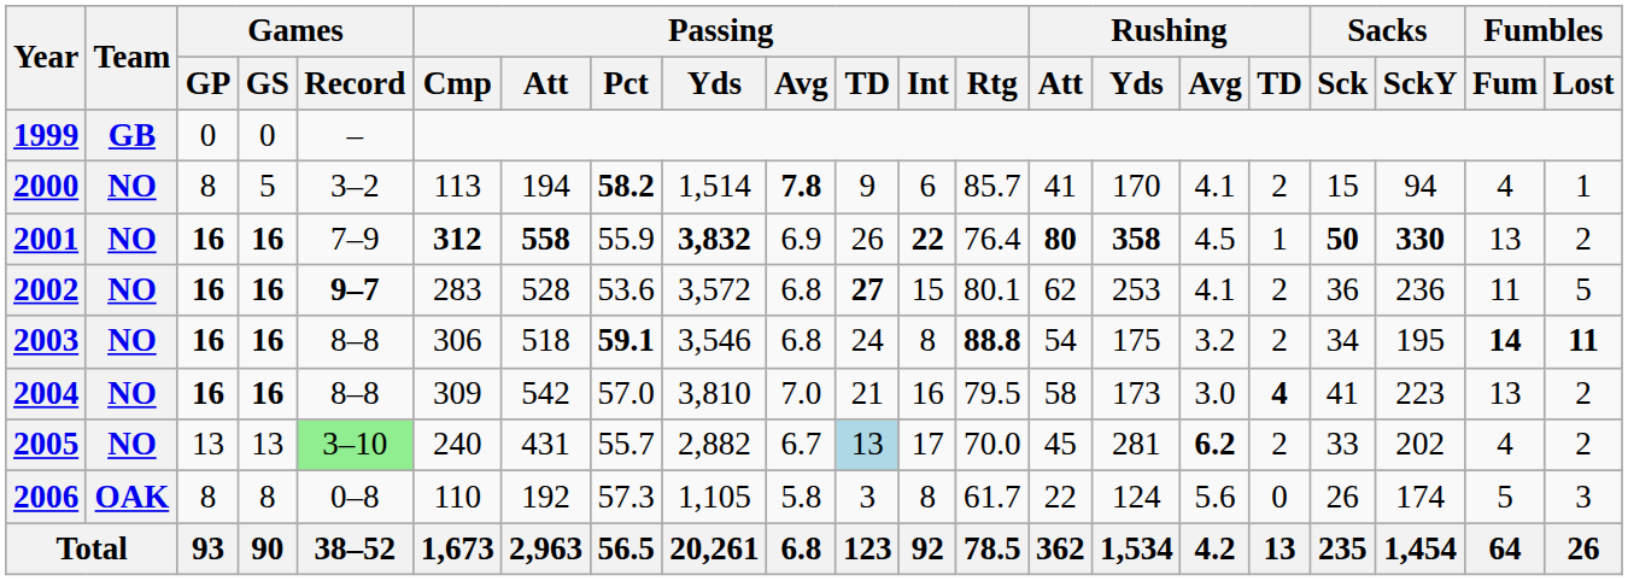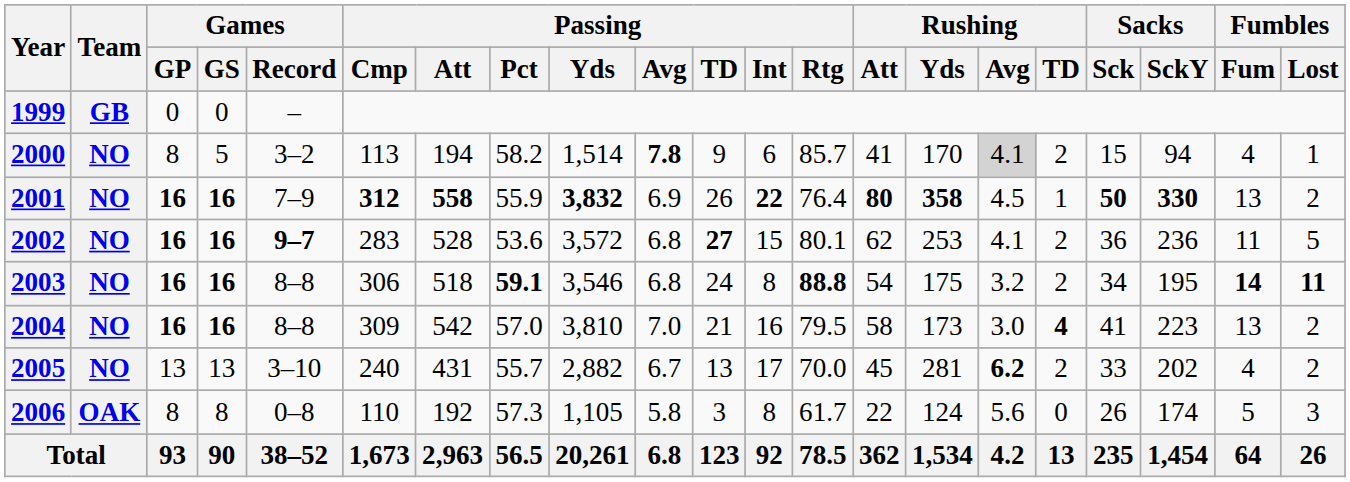 <table class=wikitable style="text-align:center;">
 <tr>
 <th rowspan="2">Year</th>
 <th rowspan="2">Team</th>
 <th colspan="3">Games</th>
 <th colspan="8">Passing</th>
 <th colspan="4">Rushing</th>
 <th colspan="2">Sacks</th>
 <th colspan="2">Fumbles</th>
 </tr>
 <tr>
 <th>GP</th>
 <th>GS</th>
 <th>Record</th>
 <th>Cmp</th>
 <th>Att</th>
 <th>Pct</th>
 <th>Yds</th>
 <th>Avg</th>
 <th>TD</th>
 <th>Int</th>
 <th>Rtg</th>
 <th>Att</th>
 <th>Yds</th>
 <th>Avg</th>
 <th>TD</th>
 <th>Sck</th>
 <th>SckY</th>
 <th>Fum</th>
 <th>Lost</th>
 </tr>
 <tr>
 <th><a href='#'>1999</a></th>
 <th><a href='#'>GB</a></th>
 <td>0</td>
 <td>0</td>
 <td>–</td>
 <td colspan="18"></td>
 </tr>
 <tr>
 <th><a href='#'>2000</a></th>
 <th><a href='#'>NO</a></th>
 <td>8</td>
 <td>5</td>
 <td>3–2</td>
 <td>113</td>
 <td>194</td>
-<td><strong>58.2</strong></td>
+<td>58.2</td>
 <td>1,514</td>
 <td><strong>7.8</strong></td>
 <td>9</td>
 <td>6</td>
 <td>85.7</td>
 <td>41</td>
 <td>170</td>
-<td>4.1</td>
+<td style="background: lightgrey;">4.1</td>
 <td>2</td>
 <td>15</td>
 <td>94</td>
 <td>4</td>
 <td>1</td>
 </tr>
 <tr>
 <th><a href='#'>2001</a></th>
 <th><a href='#'>NO</a></th>
 <td><strong>16</strong></td>
 <td><strong>16</strong></td>
 <td>7–9</td>
 <td><strong>312</strong></td>
 <td><strong>558</strong></td>
 <td>55.9</td>
 <td><strong>3,832</strong></td>
 <td>6.9</td>
 <td>26</td>
 <td><strong>22</strong></td>
 <td>76.4</td>
 <td><strong>80</strong></td>
 <td><strong>358</strong></td>
 <td>4.5</td>
 <td>1</td>
 <td><strong>50</strong></td>
 <td><strong>330</strong></td>
 <td>13</td>
 <td>2</td>
 </tr>
 <tr>
 <th><a href='#'>2002</a></th>
 <th><a href='#'>NO</a></th>
 <td><strong>16</strong></td>
 <td><strong>16</strong></td>
 <td><strong>9–7</strong></td>
 <td>283</td>
 <td>528</td>
 <td>53.6</td>
 <td>3,572</td>
 <td>6.8</td>
 <td><strong>27</strong></td>
 <td>15</td>
 <td>80.1</td>
 <td>62</td>
 <td>253</td>
 <td>4.1</td>
 <td>2</td>
 <td>36</td>
 <td>236</td>
 <td>11</td>
 <td>5</td>
 </tr>
 <tr>
 <th><a href='#'>2003</a></th>
 <th><a href='#'>NO</a></th>
 <td><strong>16</strong></td>
 <td><strong>16</strong></td>
 <td>8–8</td>
 <td>306</td>
 <td>518</td>
 <td><strong>59.1</strong></td>
 <td>3,546</td>
 <td>6.8</td>
 <td>24</td>
 <td>8</td>
 <td><strong>88.8</strong></td>
 <td>54</td>
 <td>175</td>
 <td>3.2</td>
 <td>2</td>
 <td>34</td>
 <td>195</td>
 <td><strong>14</strong></td>
 <td><strong>11</strong></td>
 </tr>
 <tr>
 <th><a href='#'>2004</a></th>
 <th><a href='#'>NO</a></th>
 <td><strong>16</strong></td>
 <td><strong>16</strong></td>
 <td>8–8</td>
 <td>309</td>
 <td>542</td>
 <td>57.0</td>
 <td>3,810</td>
 <td>7.0</td>
 <td>21</td>
 <td>16</td>
 <td>79.5</td>
 <td>58</td>
 <td>173</td>
 <td>3.0</td>
 <td><strong>4</strong></td>
 <td>41</td>
 <td>223</td>
 <td>13</td>
 <td>2</td>
 </tr>
 <tr>
 <th><a href='#'>2005</a></th>
 <th><a href='#'>NO</a></th>
 <td>13</td>
 <td>13</td>
-<td style="background: lightgreen;">3–10</td>
+<td>3–10</td>
 <td>240</td>
 <td>431</td>
 <td>55.7</td>
 <td>2,882</td>
 <td>6.7</td>
-<td style="background: lightblue;">13</td>
+<td>13</td>
 <td>17</td>
 <td>70.0</td>
 <td>45</td>
 <td>281</td>
 <td><strong>6.2</strong></td>
 <td>2</td>
 <td>33</td>
 <td>202</td>
 <td>4</td>
 <td>2</td>
 </tr>
 <tr>
 <th><a href='#'>2006</a></th>
 <th><a href='#'>OAK</a></th>
 <td>8</td>
 <td>8</td>
 <td>0–8</td>
 <td>110</td>
 <td>192</td>
 <td>57.3</td>
 <td>1,105</td>
 <td>5.8</td>
 <td>3</td>
 <td>8</td>
 <td>61.7</td>
 <td>22</td>
 <td>124</td>
 <td>5.6</td>
 <td>0</td>
 <td>26</td>
 <td>174</td>
 <td>5</td>
 <td>3</td>
 </tr>
 <tr>
 <th colspan="2">Total</th>
 <th>93</th>
 <th>90</th>
 <th>38–52</th>
 <th>1,673</th>
 <th>2,963</th>
 <th>56.5</th>
 <th>20,261</th>
 <th>6.8</th>
 <th>123</th>
 <th>92</th>
 <th>78.5</th>
 <th>362</th>
 <th>1,534</th>
 <th>4.2</th>
 <th>13</th>
 <th>235</th>
 <th>1,454</th>
 <th>64</th>
 <th>26</th>
 </tr>
 </table>
